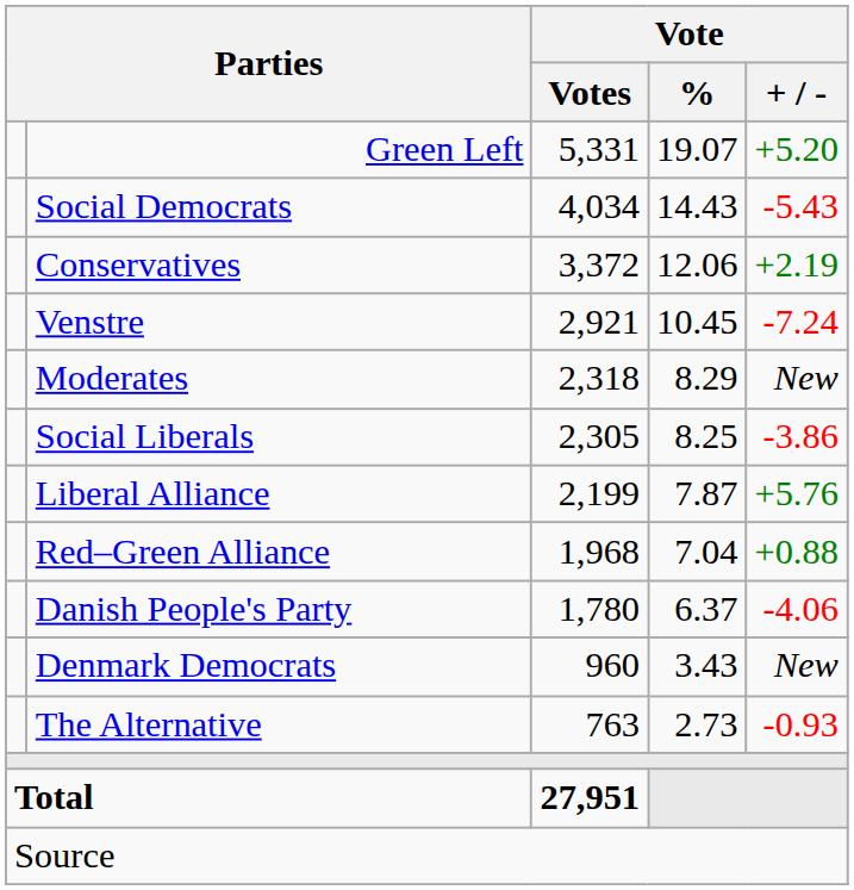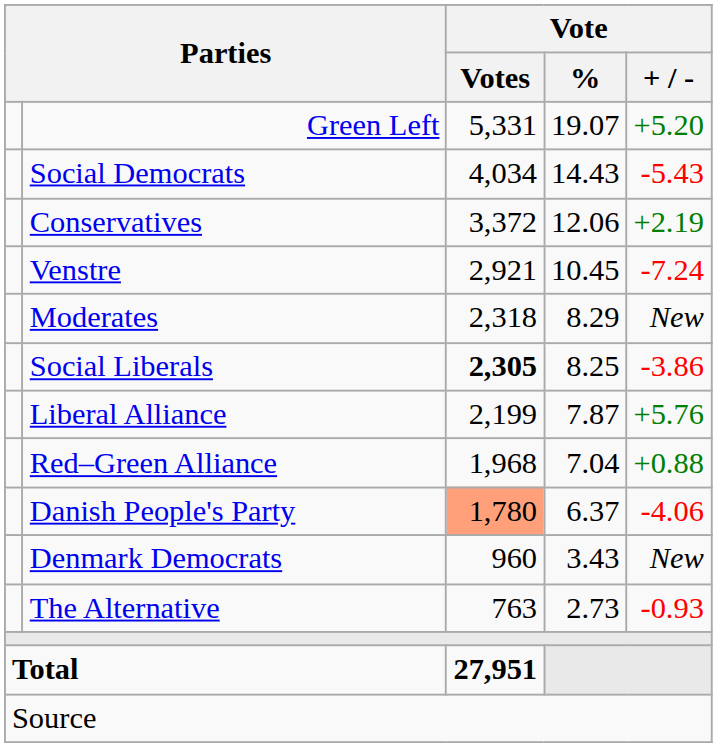 <table class="wikitable" style="text-align:right;">
 <tr>
 <th style="text-align:centre;" rowspan="2" colspan="2" width="225">Parties</th>
 <th colspan="3">Vote</th>
 </tr>
 <tr>
 <th width="15">Votes</th>
 <th width="15">%</th>
 <th width="15">+ / -</th>
 </tr>
 <tr>
 <td width=2 bgcolor=></td>
 <td><a href='#'>Green Left</a></td>
 <td>5,331</td>
 <td>19.07</td>
 <td style=color:green;>+5.20</td>
 </tr>
 <tr>
 <td width=2 bgcolor=></td>
 <td align=left><a href='#'>Social Democrats</a></td>
 <td>4,034</td>
 <td>14.43</td>
 <td style=color:red;>-5.43</td>
 </tr>
 <tr>
 <td width=2 bgcolor=></td>
 <td align=left><a href='#'>Conservatives</a></td>
 <td>3,372</td>
 <td>12.06</td>
 <td style=color:green;>+2.19</td>
 </tr>
 <tr>
 <td width=2 bgcolor=></td>
 <td align=left><a href='#'>Venstre</a></td>
 <td>2,921</td>
 <td>10.45</td>
 <td style=color:red;>-7.24</td>
 </tr>
 <tr>
 <td width=2 bgcolor=></td>
 <td align=left><a href='#'>Moderates</a></td>
 <td>2,318</td>
 <td>8.29</td>
 <td><em>New</em></td>
 </tr>
 <tr>
 <td width=2 bgcolor=></td>
 <td align=left><a href='#'>Social Liberals</a></td>
-<td>2,305</td>
+<td><strong>2,305</strong></td>
 <td>8.25</td>
 <td style=color:red;>-3.86</td>
 </tr>
 <tr>
 <td width=2 bgcolor=></td>
 <td align=left><a href='#'>Liberal Alliance</a></td>
 <td>2,199</td>
 <td>7.87</td>
 <td style=color:green;>+5.76</td>
 </tr>
 <tr>
 <td width=2 bgcolor=></td>
 <td align=left><a href='#'>Red–Green Alliance</a></td>
 <td>1,968</td>
 <td>7.04</td>
 <td style=color:green;>+0.88</td>
 </tr>
 <tr>
 <td width=2 bgcolor=></td>
 <td align=left><a href='#'>Danish People's Party</a></td>
-<td>1,780</td>
+<td style="background: lightsalmon;">1,780</td>
 <td>6.37</td>
 <td style=color:red;>-4.06</td>
 </tr>
 <tr>
 <td width=2 bgcolor=></td>
 <td align=left><a href='#'>Denmark Democrats</a></td>
 <td>960</td>
 <td>3.43</td>
 <td><em>New</em></td>
 </tr>
 <tr>
 <td width=2 bgcolor=></td>
 <td align=left><a href='#'>The Alternative</a></td>
 <td>763</td>
 <td>2.73</td>
 <td style=color:red;>-0.93</td>
 </tr>
 <tr>
 <td colspan="7" bgcolor="#E9E9E9"></td>
 </tr>
 <tr>
 <td align="left" colspan="2"><strong>Total</strong></td>
 <td><strong>27,951</strong></td>
 <td bgcolor=#E9E9E9 colspan=2></td>
 </tr>
 <tr>
 <td align="left" colspan="6">Source</td>
 </tr>
 </table>
